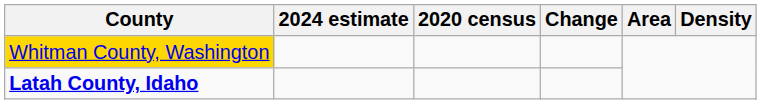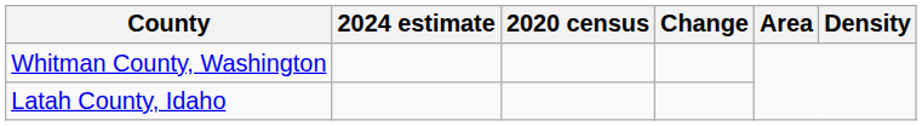 <table class="wikitable sortable">
 <tr>
 <th>County</th>
 <th>2024 estimate</th>
 <th>2020 census</th>
 <th>Change</th>
 <th>Area</th>
 <th>Density</th>
 </tr>
 <tr>
-<td style="background: gold;"><a href='#'>Whitman County, Washington</a></td>
+<td><a href='#'>Whitman County, Washington</a></td>
 <td></td>
 <td></td>
 <td></td>
 </tr>
 <tr>
-<td><strong><a href='#'>Latah County, Idaho</a></strong></td>
+<td><a href='#'>Latah County, Idaho</a></td>
 <td></td>
 <td></td>
 <td></td>
 </tr>
 </table>
